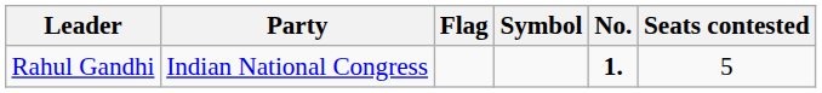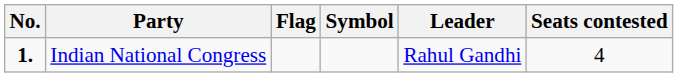 <table class="wikitable">
 <tr>
-<th>Leader</th>
+<th>No.</th>
 <th>Party</th>
 <th>Flag</th>
 <th>Symbol</th>
-<th>No.</th>
+<th>Leader</th>
 <th>Seats contested</th>
 </tr>
 <tr>
-<td style="text-align:center"><a href='#'>Rahul Gandhi</a></td>
+<td ! style="text-align:center; background:"><strong>1.</strong></td>
 <td style="text-align:center"><a href='#'>Indian National Congress</a></td>
 <td></td>
 <td></td>
-<td ! style="text-align:center; background:"><strong>1.</strong></td>
-<td style="text-align:center">5</td>
+<td style="text-align:center"><a href='#'>Rahul Gandhi</a></td>
+<td style="text-align:center">4</td>
 </tr>
 </table>
